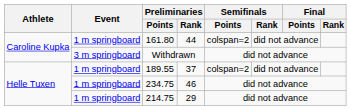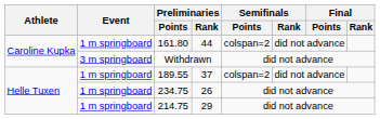 <table class="wikitable" style="text-align:center; font-size:90%">
 <tr>
 <th rowspan="2">Athlete</th>
 <th rowspan="2">Event</th>
 <th colspan="2">Preliminaries</th>
 <th colspan="2">Semifinals</th>
 <th colspan="2">Final</th>
 </tr>
 <tr style="font-size:95%">
 <th>Points</th>
 <th>Rank</th>
 <th>Points</th>
 <th>Rank</th>
 <th>Points</th>
 <th>Rank</th>
 </tr>
 <tr>
 <td align=left rowspan=2><a href='#'>Caroline Kupka</a></td>
 <td align=left><a href='#'>1 m springboard</a></td>
 <td>161.80</td>
 <td>44</td>
 <td>colspan=2 </td>
 <td colspan=2>did not advance</td>
 </tr>
 <tr>
 <td align=left><a href='#'>3 m springboard</a></td>
 <td colspan=2>Withdrawn</td>
 <td colspan=4>did not advance</td>
 </tr>
 <tr>
 <td rowspan=3 align=left><a href='#'>Helle Tuxen</a></td>
 <td align=left><a href='#'>1 m springboard</a></td>
 <td>189.55</td>
 <td>37</td>
 <td>colspan=2 </td>
 <td colspan=2>did not advance</td>
 </tr>
 <tr>
 <td align=left><a href='#'>1 m springboard</a></td>
 <td>234.75</td>
-<td>46</td>
+<td>26</td>
 <td colspan=4>did not advance</td>
 </tr>
 <tr>
 <td align=left><a href='#'>1 m springboard</a></td>
 <td>214.75</td>
 <td>29</td>
 <td colspan=4>did not advance</td>
 </tr>
 </table>
